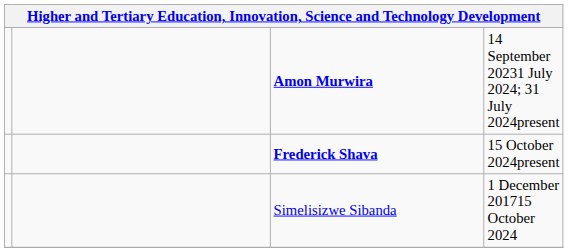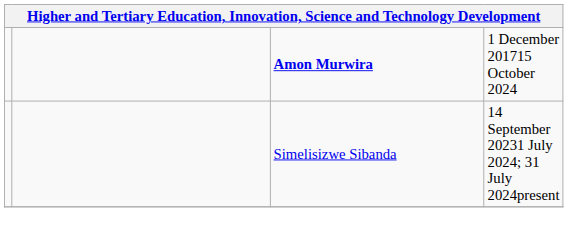 <table class="wikitable">
 <tr>
 <th colspan="4"><a href='#'>Higher and Tertiary Education, Innovation, Science and Technology Development</a></th>
 </tr>
 <tr>
 <td></td>
 <td style="width: 450px;"></td>
 <td style="width: 320px;"> <strong><a href='#'>Amon Murwira</a></strong></td>
-<td>14 September 20231 July 2024; 31 July 2024present</td>
-</tr>
-<tr>
-<td style="width: 1px; background: "></td>
-<td style="width: 450px;"></td>
-<td style="width: 320px;"> <strong><a href='#'>Frederick Shava</a></strong></td>
-<td>15 October 2024present</td>
+<td>1 December 201715 October 2024</td>
 </tr>
 <tr>
 <td style="width: 1px; background: "></td>
 <td style="width: 450px;"></td>
 <td style="width: 320px;"> <a href='#'>Simelisizwe Sibanda</a></td>
-<td>1 December 201715 October 2024</td>
+<td>14 September 20231 July 2024; 31 July 2024present</td>
 </tr>
 <tr>
 </tr>
 </table>
